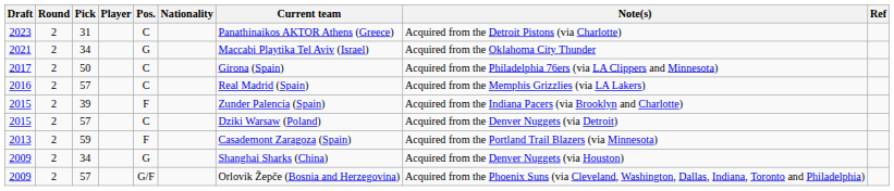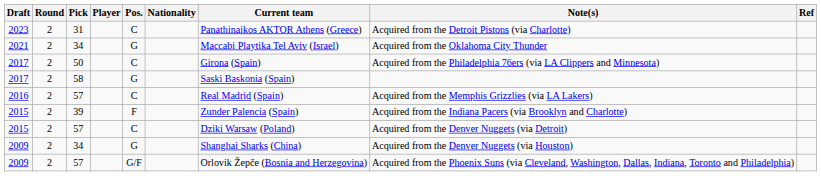 <table class="wikitable sortable" style="text-align:left; font-size:90%;">
 <tr>
 <th>Draft</th>
 <th>Round</th>
 <th>Pick</th>
 <th>Player</th>
 <th>Pos.</th>
 <th>Nationality</th>
 <th>Current team</th>
 <th>Note(s)</th>
 <th class="unsortable">Ref</th>
 </tr>
 <tr>
 <td style="text-align:center;"><a href='#'>2023</a></td>
 <td style="text-align:center;">2</td>
 <td style="text-align:center;">31</td>
 <td></td>
 <td style="text-align:center;">C</td>
 <td></td>
 <td><a href='#'>Panathinaikos AKTOR Athens</a> (<a href='#'>Greece</a>)</td>
 <td>Acquired from the <a href='#'>Detroit Pistons</a> (via <a href='#'>Charlotte</a>)</td>
 <td style="text-align:center;"></td>
 </tr>
 <tr>
 <td style="text-align:center;"><a href='#'>2021</a></td>
 <td style="text-align:center;">2</td>
 <td style="text-align:center;">34</td>
 <td></td>
 <td style="text-align:center;">G</td>
 <td></td>
 <td><a href='#'>Maccabi Playtika Tel Aviv</a> (<a href='#'>Israel</a>)</td>
 <td>Acquired from the <a href='#'>Oklahoma City Thunder</a></td>
 <td style="text-align:center;"></td>
 </tr>
 <tr>
 <td style="text-align:center;"><a href='#'>2017</a></td>
 <td style="text-align:center;">2</td>
 <td style="text-align:center;">50</td>
 <td></td>
 <td style="text-align:center;">C</td>
 <td></td>
 <td><a href='#'>Girona</a> (<a href='#'>Spain</a>)</td>
 <td>Acquired from the <a href='#'>Philadelphia 76ers</a> (via <a href='#'>LA Clippers</a> and <a href='#'>Minnesota</a>)</td>
 <td style="text-align:center;"></td>
 </tr>
 <tr>
+<td style="text-align:center;"><a href='#'>2017</a></td>
+<td style="text-align:center;">2</td>
+<td style="text-align:center;">58</td>
+<td></td>
+<td style="text-align:center;">G</td>
+<td></td>
+<td><a href='#'>Saski Baskonia</a> (<a href='#'>Spain</a>)</td>
+<td></td>
+<td style="text-align:center;"></td>
+</tr>
+<tr>
 <td style="text-align:center;"><a href='#'>2016</a></td>
 <td style="text-align:center;">2</td>
 <td style="text-align:center;">57</td>
 <td></td>
 <td style="text-align:center;">C</td>
 <td></td>
 <td><a href='#'>Real Madrid</a> (<a href='#'>Spain</a>)</td>
 <td>Acquired from the <a href='#'>Memphis Grizzlies</a> (via <a href='#'>LA Lakers</a>)</td>
 <td style="text-align:center;"></td>
 </tr>
 <tr>
 <td style="text-align:center;"><a href='#'>2015</a></td>
 <td style="text-align:center;">2</td>
 <td style="text-align:center;">39</td>
 <td></td>
 <td style="text-align:center;">F</td>
 <td></td>
 <td><a href='#'>Zunder Palencia</a> (<a href='#'>Spain</a>)</td>
 <td>Acquired from the <a href='#'>Indiana Pacers</a> (via <a href='#'>Brooklyn</a> and <a href='#'>Charlotte</a>)</td>
 <td style="text-align:center;"></td>
 </tr>
 <tr>
 <td style="text-align:center;"><a href='#'>2015</a></td>
 <td style="text-align:center;">2</td>
 <td style="text-align:center;">57</td>
 <td></td>
 <td style="text-align:center;">C</td>
 <td></td>
 <td><a href='#'>Dziki Warsaw</a> (<a href='#'>Poland</a>)</td>
 <td>Acquired from the <a href='#'>Denver Nuggets</a> (via <a href='#'>Detroit</a>)</td>
 <td style="text-align:center;"></td>
 </tr>
 <tr>
-<td style="text-align:center;"><a href='#'>2013</a></td>
-<td style="text-align:center;">2</td>
-<td style="text-align:center;">59</td>
-<td></td>
-<td style="text-align:center;">F</td>
-<td></td>
-<td><a href='#'>Casademont Zaragoza</a> (<a href='#'>Spain</a>)</td>
-<td>Acquired from the <a href='#'>Portland Trail Blazers</a> (via <a href='#'>Minnesota</a>)</td>
-<td style="text-align:center;"></td>
-</tr>
-<tr>
 <td style="text-align:center;"><a href='#'>2009</a></td>
 <td style="text-align:center;">2</td>
 <td style="text-align:center;">34</td>
 <td></td>
 <td style="text-align:center;">G</td>
 <td></td>
 <td><a href='#'>Shanghai Sharks</a> (<a href='#'>China</a>)</td>
 <td>Acquired from the <a href='#'>Denver Nuggets</a> (via <a href='#'>Houston</a>)</td>
 <td style="text-align:center;"></td>
 </tr>
 <tr>
 <td style="text-align:center;"><a href='#'>2009</a></td>
 <td style="text-align:center;">2</td>
 <td style="text-align:center;">57</td>
 <td></td>
 <td style="text-align:center;">G/F</td>
 <td></td>
 <td>Orlovik Žepče (<a href='#'>Bosnia and Herzegovina</a>)</td>
 <td>Acquired from the <a href='#'>Phoenix Suns</a> (via <a href='#'>Cleveland</a>, <a href='#'>Washington</a>, <a href='#'>Dallas</a>, <a href='#'>Indiana</a>, <a href='#'>Toronto</a> and <a href='#'>Philadelphia</a>)</td>
 <td style="text-align:center;"></td>
 </tr>
 </table>
